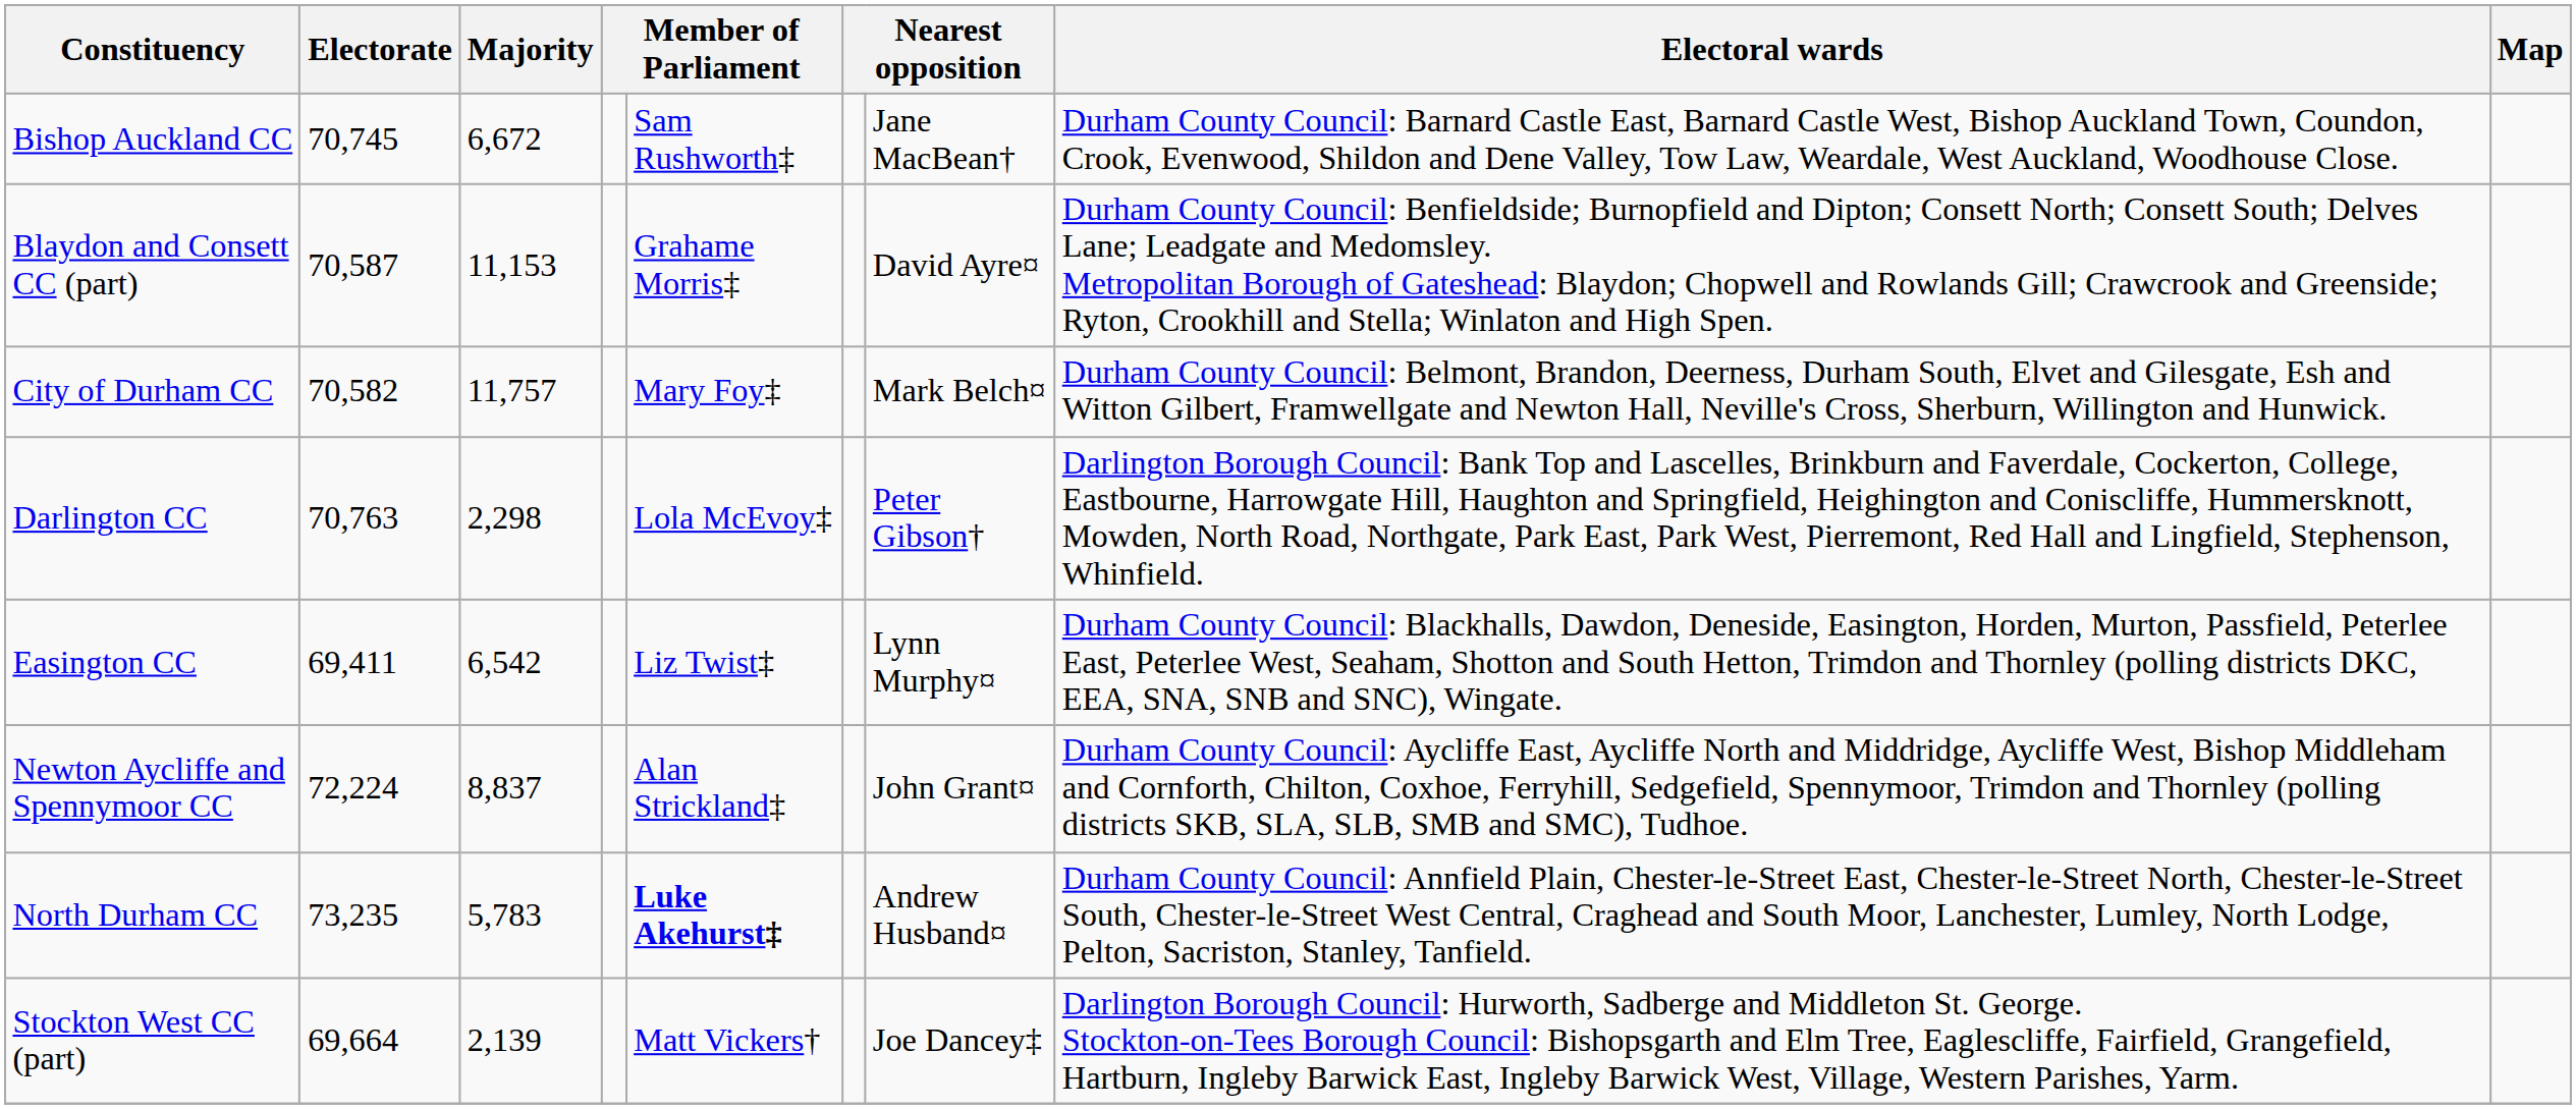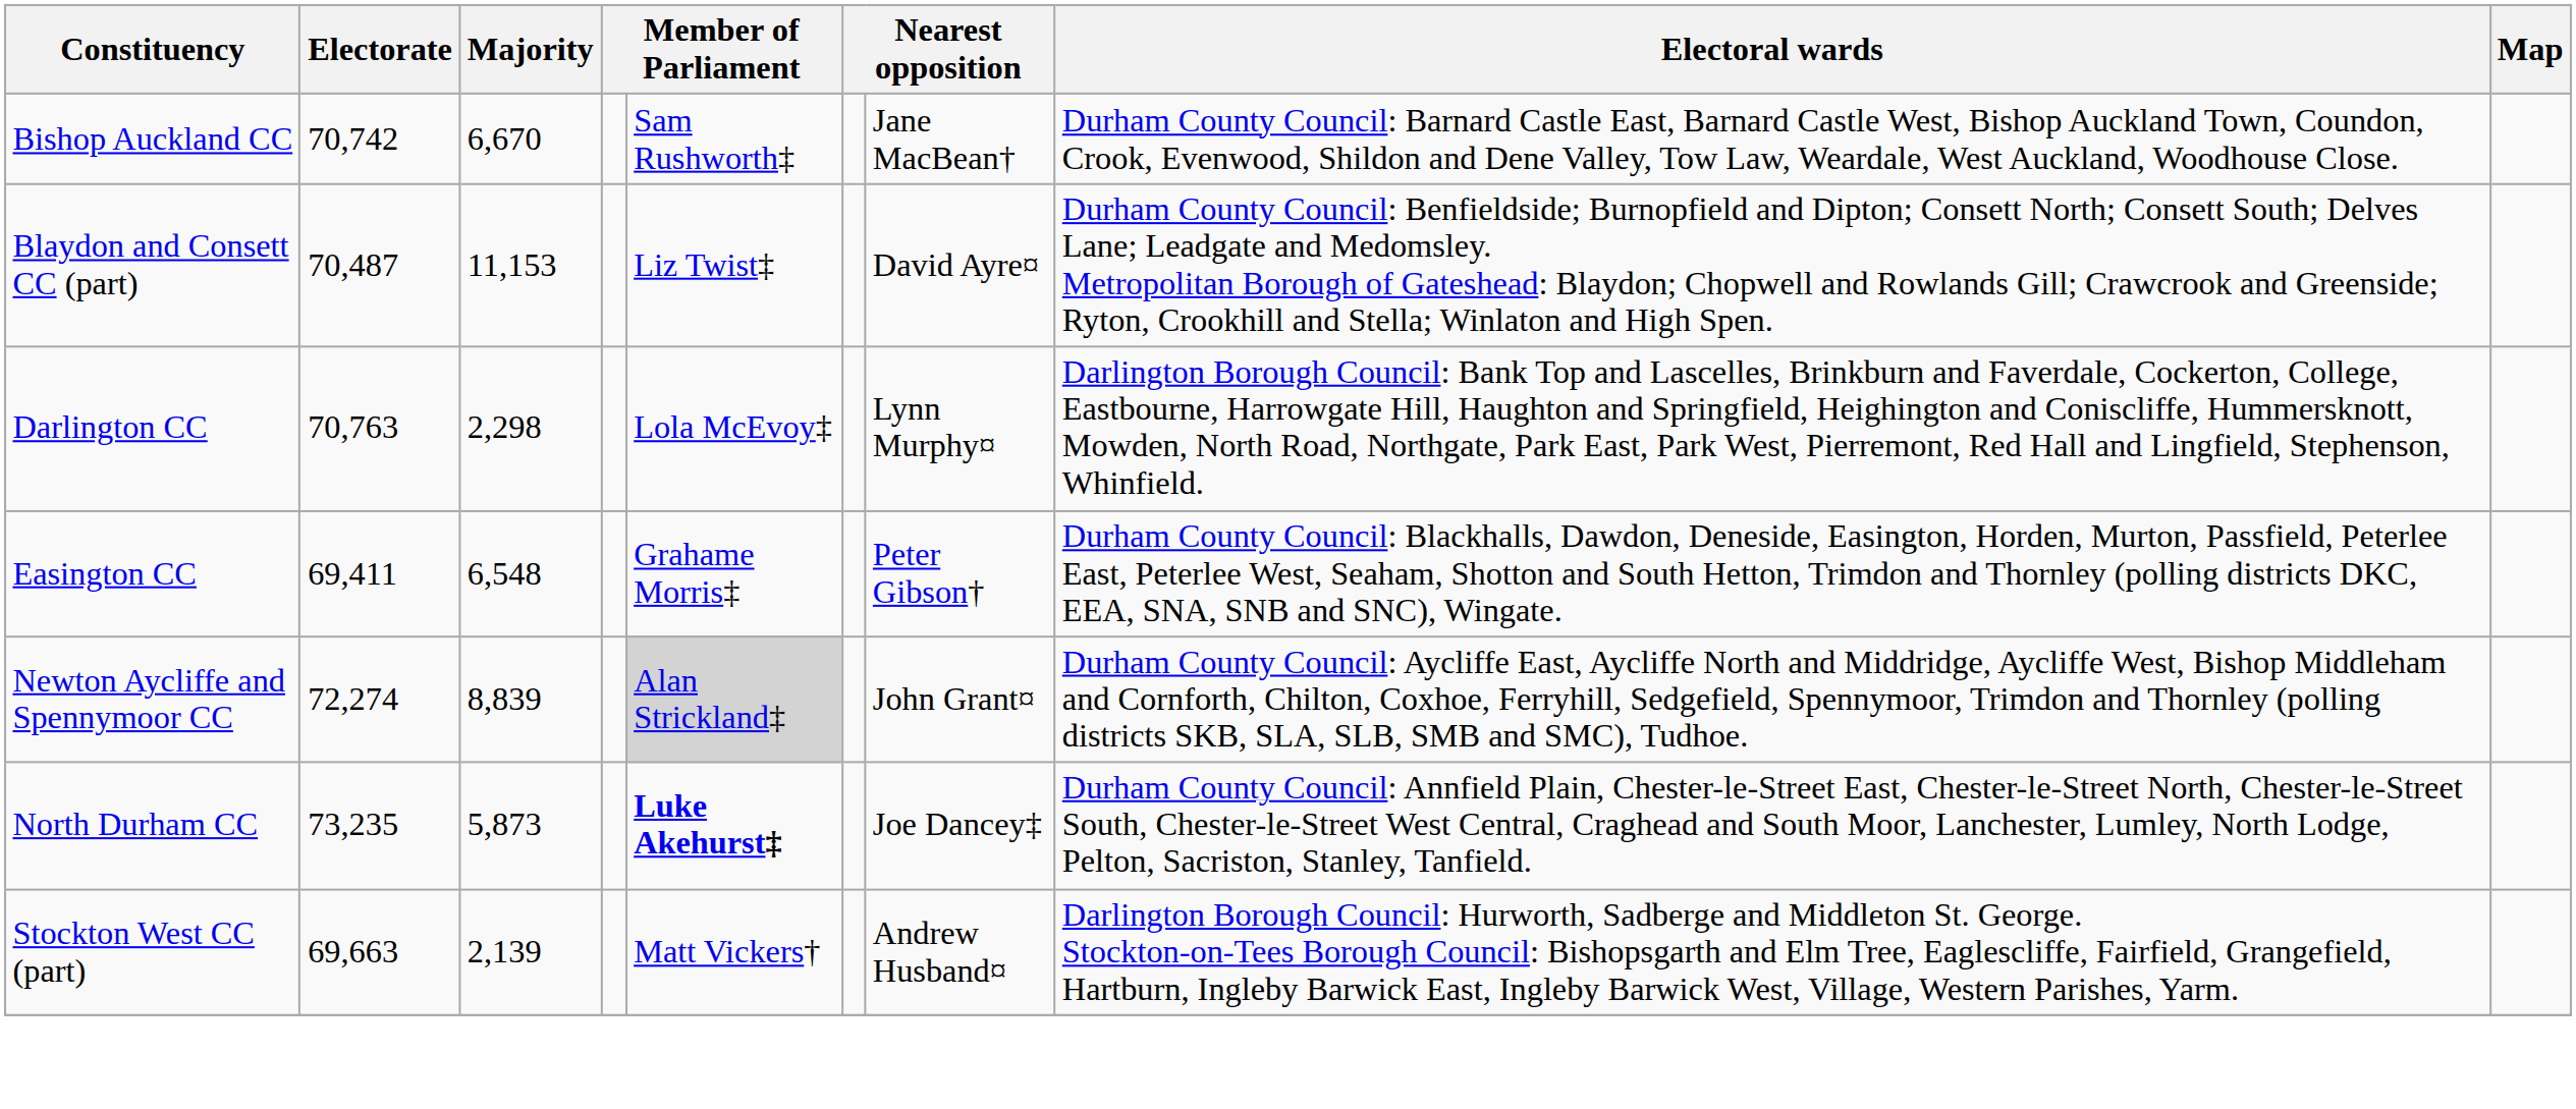 <table class="wikitable sortable">
 <tr>
 <th rowspan=1>Constituency</th>
 <th rowspan=1>Electorate</th>
 <th rowspan=1>Majority</th>
 <th colspan=2 class=unsortable>Member of Parliament</th>
 <th colspan=2 class=unsortable>Nearest opposition</th>
 <th rowspan=1 class=unsortable>Electoral wards</th>
 <th rowspan=1 class=unsortable>Map</th>
 </tr>
 <tr>
 <td><a href='#'>Bishop Auckland CC</a></td>
-<td>70,745</td>
-<td>6,672</td>
+<td>70,742</td>
+<td>6,670</td>
 <td style="color:inherit;background:"> </td>
 <td><a href='#'>Sam Rushworth</a>‡</td>
 <td style="color:inherit;background:"> </td>
 <td>Jane MacBean†</td>
 <td><a href='#'>Durham County Council</a>: Barnard Castle East, Barnard Castle West, Bishop Auckland Town, Coundon, Crook, Evenwood, Shildon and Dene Valley, Tow Law, Weardale, West Auckland, Woodhouse Close.</td>
 <td></td>
 </tr>
 <tr>
 <td><a href='#'>Blaydon and Consett CC</a> (part)</td>
-<td>70,587</td>
+<td>70,487</td>
 <td>11,153</td>
 <td style="color:inherit;background:"> </td>
-<td><a href='#'>Grahame Morris</a>‡</td>
+<td><a href='#'>Liz Twist</a>‡</td>
 <td style="color:inherit;background:"> </td>
 <td>David Ayre¤</td>
 <td><a href='#'>Durham County Council</a>: Benfieldside; Burnopfield and Dipton; Consett North; Consett South; Delves Lane; Leadgate and Medomsley.<br><a href='#'>Metropolitan Borough of Gateshead</a>: Blaydon; Chopwell and Rowlands Gill; Crawcrook and Greenside; Ryton, Crookhill and Stella; Winlaton and High Spen.</td>
-<td></td>
-</tr>
-<tr>
-<td><a href='#'>City of Durham CC</a></td>
-<td>70,582</td>
-<td>11,757</td>
-<td style="color:inherit;background:"> </td>
-<td><a href='#'>Mary Foy</a>‡</td>
-<td style="color:inherit;background:"> </td>
-<td>Mark Belch¤</td>
-<td><a href='#'>Durham County Council</a>: Belmont, Brandon, Deerness, Durham South, Elvet and Gilesgate, Esh and Witton Gilbert, Framwellgate and Newton Hall, Neville's Cross, Sherburn, Willington and Hunwick.</td>
 <td></td>
 </tr>
 <tr>
 <td><a href='#'>Darlington CC</a></td>
 <td>70,763</td>
 <td>2,298</td>
 <td style="color:inherit;background:"> </td>
 <td><a href='#'>Lola McEvoy</a>‡</td>
 <td style="color:inherit;background:"> </td>
-<td><a href='#'>Peter Gibson</a>†</td>
+<td>Lynn Murphy¤</td>
 <td><a href='#'>Darlington Borough Council</a>: Bank Top and Lascelles, Brinkburn and Faverdale, Cockerton, College, Eastbourne, Harrowgate Hill, Haughton and Springfield, Heighington and Coniscliffe, Hummersknott, Mowden, North Road, Northgate, Park East, Park West, Pierremont, Red Hall and Lingfield, Stephenson, Whinfield.</td>
 <td></td>
 </tr>
 <tr>
 <td><a href='#'>Easington CC</a></td>
 <td>69,411</td>
-<td>6,542</td>
+<td>6,548</td>
 <td style="color:inherit;background:"> </td>
-<td><a href='#'>Liz Twist</a>‡</td>
+<td><a href='#'>Grahame Morris</a>‡</td>
 <td style="color:inherit;background:"> </td>
-<td>Lynn Murphy¤</td>
+<td><a href='#'>Peter Gibson</a>†</td>
 <td><a href='#'>Durham County Council</a>: Blackhalls, Dawdon, Deneside, Easington, Horden, Murton, Passfield, Peterlee East, Peterlee West, Seaham, Shotton and South Hetton, Trimdon and Thornley (polling districts DKC, EEA, SNA, SNB and SNC), Wingate.</td>
 <td></td>
 </tr>
 <tr>
 <td><a href='#'>Newton Aycliffe and Spennymoor CC</a></td>
-<td>72,224</td>
-<td>8,837</td>
+<td>72,274</td>
+<td>8,839</td>
 <td style="color:inherit;background:"> </td>
-<td><a href='#'>Alan Strickland</a>‡</td>
+<td style="background: lightgrey;"><a href='#'>Alan Strickland</a>‡</td>
 <td style="color:inherit;background:"> </td>
 <td>John Grant¤</td>
 <td><a href='#'>Durham County Council</a>: Aycliffe East, Aycliffe North and Middridge, Aycliffe West, Bishop Middleham and Cornforth, Chilton, Coxhoe, Ferryhill, Sedgefield, Spennymoor, Trimdon and Thornley (polling districts SKB, SLA, SLB, SMB and SMC), Tudhoe.</td>
 <td></td>
 </tr>
 <tr>
 <td><a href='#'>North Durham CC</a></td>
 <td>73,235</td>
-<td>5,783</td>
+<td>5,873</td>
 <td style="color:inherit;background:"> </td>
 <td><strong><a href='#'>Luke Akehurst</a>‡</strong></td>
 <td style="color:inherit;background:"> </td>
-<td>Andrew Husband¤</td>
+<td>Joe Dancey‡</td>
 <td><a href='#'>Durham County Council</a>: Annfield Plain, Chester-le-Street East, Chester-le-Street North, Chester-le-Street South, Chester-le-Street West Central, Craghead and South Moor, Lanchester, Lumley, North Lodge, Pelton, Sacriston, Stanley, Tanfield.</td>
 <td></td>
 </tr>
 <tr>
 <td><a href='#'>Stockton West CC</a> (part)</td>
-<td>69,664</td>
+<td>69,663</td>
 <td>2,139</td>
 <td style="color:inherit;background:"> </td>
 <td><a href='#'>Matt Vickers</a>†</td>
 <td style="color:inherit;background:"> </td>
-<td>Joe Dancey‡</td>
+<td>Andrew Husband¤</td>
 <td><a href='#'>Darlington Borough Council</a>: Hurworth, Sadberge and Middleton St. George.<br><a href='#'>Stockton-on-Tees Borough Council</a>: Bishopsgarth and Elm Tree, Eaglescliffe, Fairfield, Grangefield, Hartburn, Ingleby Barwick East, Ingleby Barwick West, Village, Western Parishes, Yarm.</td>
 <td></td>
 </tr>
 <tr>
 </tr>
 </table>
